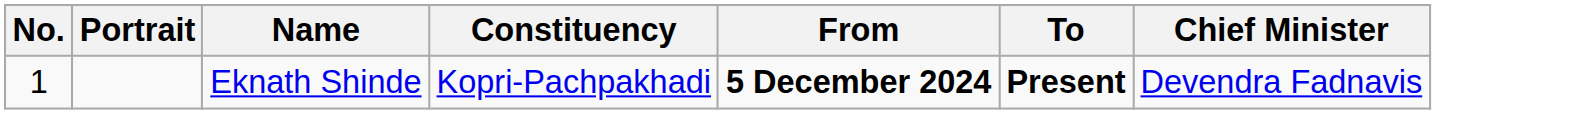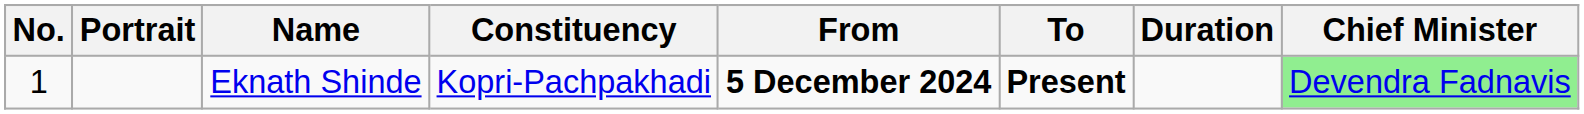 <table class="wikitable">
 <tr>
 <th style="background-color:">No.</th>
 <th style="background-color:">Portrait</th>
 <th style="background-color:">Name</th>
 <th style="background-color:">Constituency</th>
 <th style="background-color:">From</th>
 <th style="background-color:">To</th>
+<th style="background-color:">Duration</th>
 <th style="background-color:">Chief Minister</th>
 </tr>
 <tr style="text-align:center;">
 <td>1</td>
 <td></td>
 <td><a href='#'>Eknath Shinde</a></td>
 <td><a href='#'>Kopri-Pachpakhadi</a></td>
 <td><strong>5 December 2024</strong></td>
 <td><strong>Present</strong></td>
-<td><a href='#'>Devendra Fadnavis</a></td>
+<td></td>
+<td style="background: lightgreen;"><a href='#'>Devendra Fadnavis</a></td>
 </tr>
 </table>
